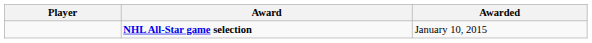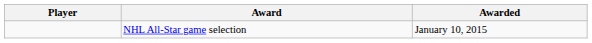 <table class="wikitable sortable" style="width:100%;">
 <tr>
 <th style="width:20%;">Player</th>
 <th style="width:50%;">Award</th>
 <th style="width:30%;" data-sort-type="date">Awarded</th>
 </tr>
 <tr>
 <td></td>
-<td><strong><a href='#'>NHL All-Star game</a> selection</strong></td>
+<td><a href='#'>NHL All-Star game</a> selection</td>
 <td>January 10, 2015</td>
 </tr>
 </table>
